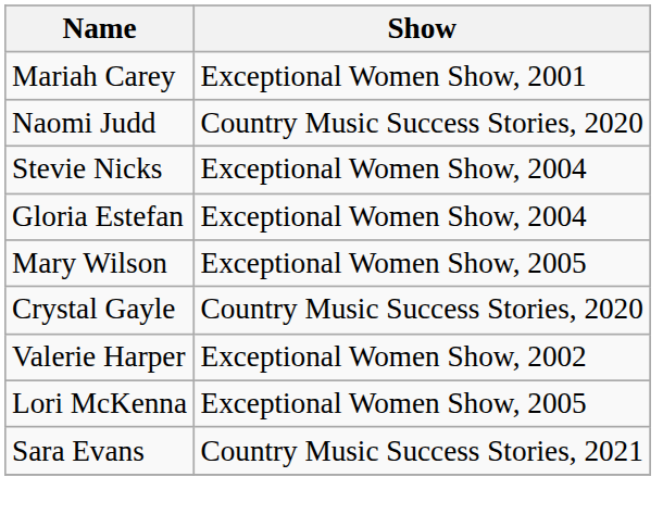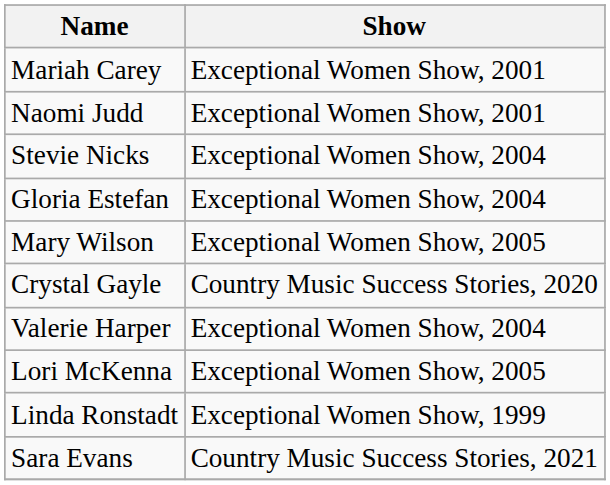 <table class="wikitable" style="display: inline-table;" border-"1;">
 <tr>
 <th>Name</th>
 <th>Show</th>
 </tr>
 <tr>
 <td>Mariah Carey</td>
 <td>Exceptional Women Show, 2001</td>
 </tr>
 <tr>
 <td>Naomi Judd</td>
-<td>Country Music Success Stories, 2020</td>
+<td>Exceptional Women Show, 2001</td>
 </tr>
 <tr>
 <td>Stevie Nicks</td>
 <td>Exceptional Women Show, 2004</td>
 </tr>
 <tr>
 <td>Gloria Estefan</td>
 <td>Exceptional Women Show, 2004</td>
 </tr>
 <tr>
 <td>Mary Wilson</td>
 <td>Exceptional Women Show, 2005</td>
 </tr>
 <tr>
 <td>Crystal Gayle</td>
 <td>Country Music Success Stories, 2020</td>
 </tr>
 <tr>
 <td>Valerie Harper</td>
-<td>Exceptional Women Show, 2002</td>
+<td>Exceptional Women Show, 2004</td>
 </tr>
 <tr>
 <td>Lori McKenna</td>
 <td>Exceptional Women Show, 2005</td>
+</tr>
+<tr>
+<td>Linda Ronstadt</td>
+<td>Exceptional Women Show, 1999</td>
 </tr>
 <tr>
 <td>Sara Evans</td>
 <td>Country Music Success Stories, 2021</td>
 </tr>
 <tr>
 </tr>
 </table>
